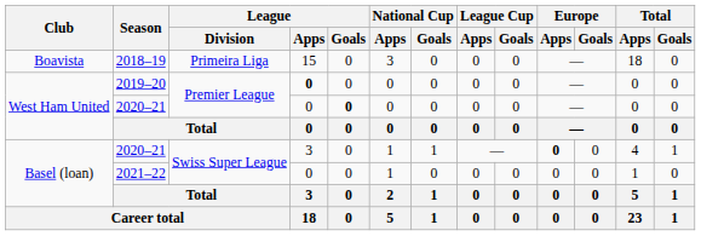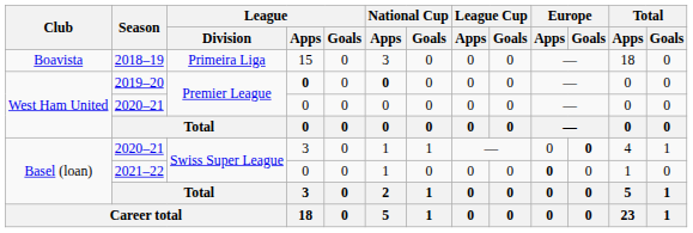 <table class=wikitable style=text-align:center>
 <tr>
 <th rowspan=2>Club</th>
 <th rowspan=2>Season</th>
 <th colspan=3>League</th>
 <th colspan=2>National Cup</th>
 <th colspan=2>League Cup</th>
 <th colspan=2>Europe</th>
 <th colspan=2>Total</th>
 </tr>
 <tr>
 <th>Division</th>
 <th>Apps</th>
 <th>Goals</th>
 <th>Apps</th>
 <th>Goals</th>
 <th>Apps</th>
 <th>Goals</th>
 <th>Apps</th>
 <th>Goals</th>
 <th>Apps</th>
 <th>Goals</th>
 </tr>
 <tr>
 <td><a href='#'>Boavista</a></td>
 <td><a href='#'>2018–19</a></td>
 <td><a href='#'>Primeira Liga</a></td>
 <td>15</td>
 <td>0</td>
 <td>3</td>
 <td>0</td>
 <td>0</td>
 <td>0</td>
 <td colspan=2>—</td>
 <td>18</td>
 <td>0</td>
 </tr>
 <tr>
 <td rowspan=3><a href='#'>West Ham United</a></td>
 <td><a href='#'>2019–20</a></td>
 <td rowspan=2><a href='#'>Premier League</a></td>
 <td><strong>0</strong></td>
 <td>0</td>
-<td>0</td>
+<td><strong>0</strong></td>
 <td>0</td>
 <td>0</td>
 <td>0</td>
 <td colspan=2>—</td>
 <td>0</td>
 <td>0</td>
 </tr>
 <tr>
 <td><a href='#'>2020–21</a></td>
 <td>0</td>
-<td><strong>0</strong></td>
+<td>0</td>
 <td>0</td>
 <td>0</td>
 <td>0</td>
 <td>0</td>
 <td colspan=2>—</td>
 <td>0</td>
 <td>0</td>
 </tr>
 <tr>
 <th colspan=2>Total</th>
 <th>0</th>
 <th>0</th>
 <th>0</th>
 <th>0</th>
 <th>0</th>
 <th>0</th>
 <th colspan=2>—</th>
 <th>0</th>
 <th>0</th>
 </tr>
 <tr>
 <td rowspan=3><a href='#'>Basel</a> (loan)</td>
 <td><a href='#'>2020–21</a></td>
 <td rowspan=2><a href='#'>Swiss Super League</a></td>
 <td>3</td>
 <td>0</td>
 <td>1</td>
 <td>1</td>
 <td colspan=2>—</td>
+<td>0</td>
 <td><strong>0</strong></td>
-<td>0</td>
 <td>4</td>
 <td>1</td>
 </tr>
 <tr>
 <td><a href='#'>2021–22</a></td>
 <td>0</td>
 <td>0</td>
 <td>1</td>
 <td>0</td>
 <td>0</td>
 <td>0</td>
-<td>0</td>
+<td><strong>0</strong></td>
 <td>0</td>
 <td>1</td>
 <td>0</td>
 </tr>
 <tr>
 <th colspan=2>Total</th>
 <th>3</th>
 <th>0</th>
 <th>2</th>
 <th>1</th>
 <th>0</th>
 <th>0</th>
 <th>0</th>
 <th>0</th>
 <th>5</th>
 <th>1</th>
 </tr>
 <tr>
 <th colspan=3>Career total</th>
 <th>18</th>
 <th>0</th>
 <th>5</th>
 <th>1</th>
 <th>0</th>
 <th>0</th>
 <th>0</th>
 <th>0</th>
 <th>23</th>
 <th>1</th>
 </tr>
 </table>
